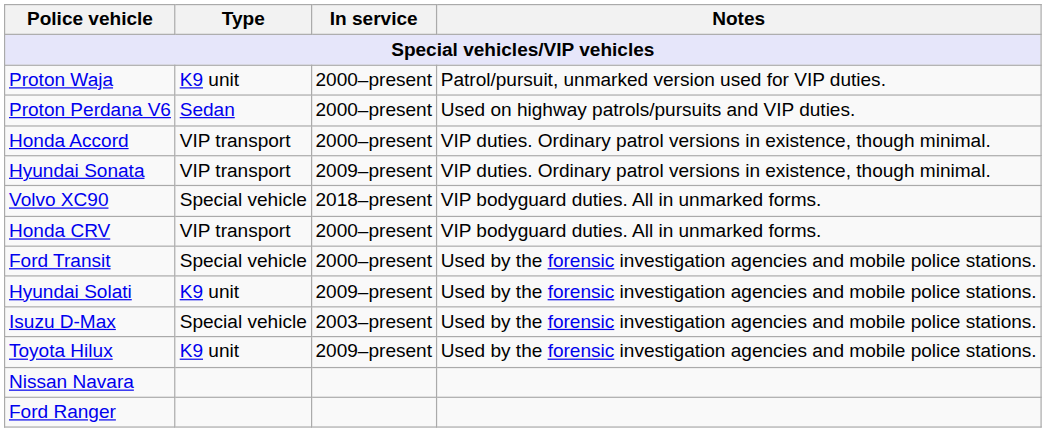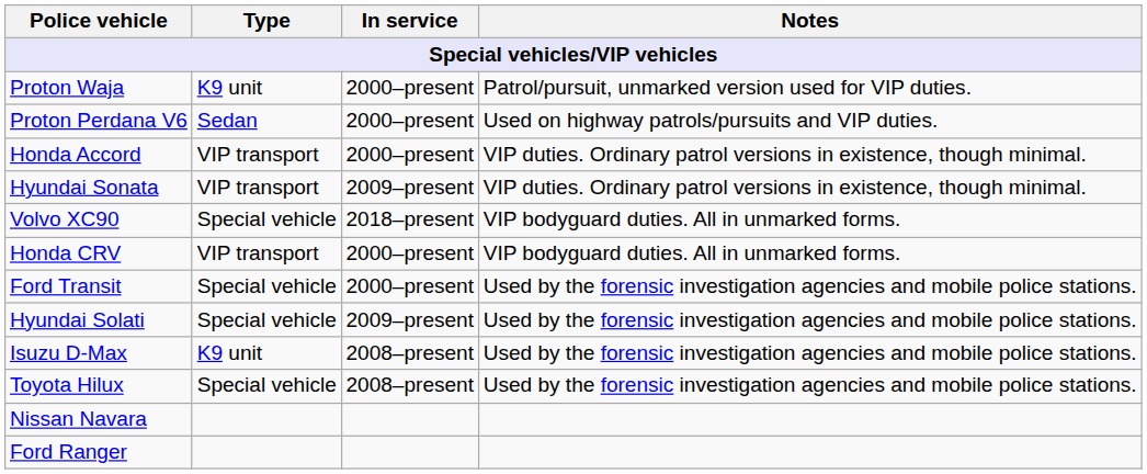 <table class="wikitable">
 <tr>
 <th style="text-align: center;">Police vehicle</th>
 <th style="text-align: center;">Type</th>
 <th style="text-align: center;">In service</th>
 <th style="text-align: center;">Notes</th>
 </tr>
 <tr>
 <th style="align: center; background: lavender;" colspan="7">Special vehicles/VIP vehicles</th>
 </tr>
 <tr>
 <td><a href='#'>Proton Waja</a></td>
 <td><a href='#'>K9</a> unit</td>
 <td>2000–present</td>
 <td>Patrol/pursuit, unmarked version used for VIP duties.</td>
 </tr>
 <tr>
 <td><a href='#'>Proton Perdana V6</a></td>
 <td><a href='#'>Sedan</a></td>
 <td>2000–present</td>
 <td>Used on highway patrols/pursuits and VIP duties.</td>
 </tr>
 <tr>
 <td><a href='#'>Honda Accord</a></td>
 <td>VIP transport</td>
 <td>2000–present</td>
 <td>VIP duties. Ordinary patrol versions in existence, though minimal.</td>
 </tr>
 <tr>
 <td><a href='#'>Hyundai Sonata</a></td>
 <td>VIP transport</td>
 <td>2009–present</td>
 <td>VIP duties. Ordinary patrol versions in existence, though minimal.</td>
 </tr>
 <tr>
 <td><a href='#'>Volvo XC90</a></td>
 <td>Special vehicle</td>
 <td>2018–present</td>
 <td>VIP bodyguard duties. All in unmarked forms.</td>
 </tr>
 <tr>
 <td><a href='#'>Honda CRV</a></td>
 <td>VIP transport</td>
 <td>2000–present</td>
 <td>VIP bodyguard duties. All in unmarked forms.</td>
 </tr>
 <tr>
 <td><a href='#'>Ford Transit</a></td>
 <td>Special vehicle</td>
 <td>2000–present</td>
 <td>Used by the <a href='#'>forensic</a> investigation agencies and mobile police stations.</td>
 </tr>
 <tr>
 <td><a href='#'>Hyundai Solati</a></td>
-<td><a href='#'>K9</a> unit</td>
+<td>Special vehicle</td>
 <td>2009–present</td>
 <td>Used by the <a href='#'>forensic</a> investigation agencies and mobile police stations.</td>
 </tr>
 <tr>
 <td><a href='#'>Isuzu D-Max</a></td>
-<td>Special vehicle</td>
-<td>2003–present</td>
+<td><a href='#'>K9</a> unit</td>
+<td>2008–present</td>
 <td>Used by the <a href='#'>forensic</a> investigation agencies and mobile police stations.</td>
 </tr>
 <tr>
 <td><a href='#'>Toyota Hilux</a></td>
-<td><a href='#'>K9</a> unit</td>
-<td>2009–present</td>
+<td>Special vehicle</td>
+<td>2008–present</td>
 <td>Used by the <a href='#'>forensic</a> investigation agencies and mobile police stations.</td>
 </tr>
 <tr>
 <td><a href='#'>Nissan Navara</a></td>
 <td></td>
 <td></td>
 <td></td>
 </tr>
 <tr>
 <td><a href='#'>Ford Ranger</a></td>
 <td></td>
 <td></td>
 <td></td>
 </tr>
 </table>
